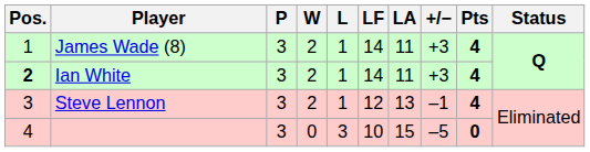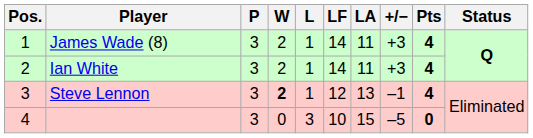 <table class="wikitable" style="text-align:center; margin: 1em auto 1em auto, align:left">
 <tr>
 <th width=20>Pos.</th>
 <th width=185>Player</th>
 <th width=20>P</th>
 <th width=20>W</th>
 <th width=20>L</th>
 <th width=20>LF</th>
 <th width=20>LA</th>
 <th width=25>+/−</th>
 <th width=20>Pts</th>
 <th width=70>Status</th>
 </tr>
 <tr style="background:#CCFFCC;">
 <td>1</td>
 <td align=left> <a href='#'>James Wade</a> (8)</td>
 <td>3</td>
 <td>2</td>
 <td>1</td>
 <td>14</td>
 <td>11</td>
 <td>+3</td>
 <td><strong>4</strong></td>
 <td rowspan=2><strong>Q</strong></td>
 </tr>
 <tr style="background:#CCFFCC;">
-<td><strong>2</strong></td>
+<td>2</td>
 <td align=left> <a href='#'>Ian White</a></td>
 <td>3</td>
 <td>2</td>
 <td>1</td>
 <td>14</td>
 <td>11</td>
 <td>+3</td>
 <td><strong>4</strong></td>
 </tr>
 <tr style="background:#FFCCCC;">
 <td>3</td>
 <td align=left> <a href='#'>Steve Lennon</a></td>
 <td>3</td>
-<td>2</td>
+<td><strong>2</strong></td>
 <td>1</td>
 <td>12</td>
 <td>13</td>
 <td>–1</td>
 <td><strong>4</strong></td>
 <td rowspan=2>Eliminated</td>
 </tr>
 <tr style="background:#FFCCCC;">
 <td>4</td>
 <td align=left></td>
 <td>3</td>
 <td>0</td>
 <td>3</td>
 <td>10</td>
 <td>15</td>
 <td>–5</td>
 <td><strong>0</strong></td>
 </tr>
 </table>
